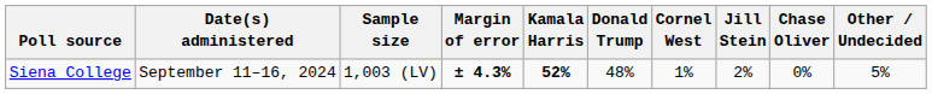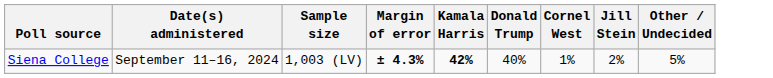 <table class="wikitable sortable mw-datatable" style="font-size:90%;text-align:center;line-height:17px">
 <tr valign=bottom>
 <th>Poll source</th>
 <th>Date(s)<br>administered</th>
 <th>Sample<br>size</th>
 <th>Margin<br>of error</th>
 <th class="unsortable">Kamala<br>Harris<br></th>
 <th class="unsortable">Donald<br>Trump<br></th>
 <th class="unsortable">Cornel<br>West<br></th>
 <th class="unsortable">Jill<br>Stein<br></th>
-<th class="unsortable">Chase<br>Oliver<br></th>
 <th class="unsortable">Other /<br>Undecided</th>
 </tr>
 <tr>
 <td style="text-align:left;"><a href='#'>Siena College</a></td>
 <td data-sort-value="2024-09-16">September 11–16, 2024</td>
 <td>1,003 (LV)</td>
 <td><strong>± 4.3%</strong></td>
-<td style="color:black;background-color:"><strong>52%</strong></td>
-<td>48%</td>
+<td style="color:black;background-color:"><strong>42%</strong></td>
+<td>40%</td>
 <td>1%</td>
 <td>2%</td>
-<td>0%</td>
 <td>5%</td>
 </tr>
 </table>
